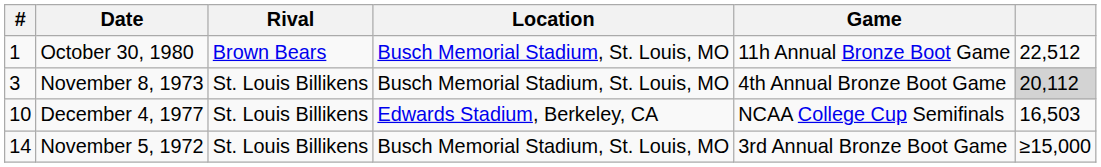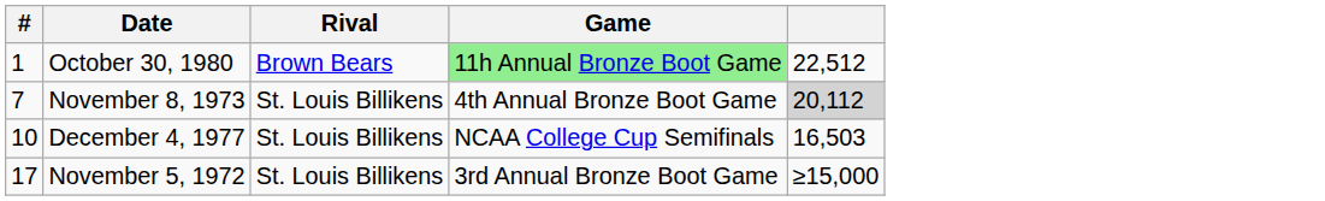 <table class="wikitable" style="text-align:; font-size:%">
 <tr>
 <th>#</th>
 <th>Date</th>
 <th>Rival</th>
-<th>Location</th>
 <th>Game</th>
 <th></th>
 </tr>
 <tr>
 <td>1</td>
 <td>October 30, 1980</td>
 <td><a href='#'>Brown Bears</a></td>
-<td><a href='#'>Busch Memorial Stadium</a>, St. Louis, MO</td>
-<td>11h Annual <a href='#'>Bronze Boot</a> Game</td>
+<td style="background: lightgreen;">11h Annual <a href='#'>Bronze Boot</a> Game</td>
 <td>22,512</td>
 </tr>
 <tr>
-<td>3</td>
+<td>7</td>
 <td>November 8, 1973</td>
 <td>St. Louis Billikens</td>
-<td>Busch Memorial Stadium, St. Louis, MO</td>
 <td>4th  Annual Bronze Boot Game</td>
 <td style="background: lightgrey;">20,112</td>
 </tr>
 <tr>
 <td>10</td>
 <td>December 4, 1977</td>
 <td>St. Louis Billikens</td>
-<td><a href='#'>Edwards Stadium</a>, Berkeley, CA</td>
 <td>NCAA <a href='#'>College Cup</a> Semifinals</td>
 <td>16,503</td>
 </tr>
 <tr>
-<td>14</td>
+<td>17</td>
 <td>November 5, 1972</td>
 <td>St. Louis Billikens</td>
-<td>Busch Memorial Stadium, St. Louis, MO</td>
 <td>3rd Annual Bronze Boot Game</td>
 <td>≥15,000</td>
 </tr>
 </table>
